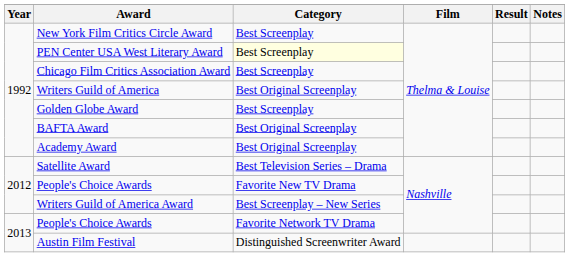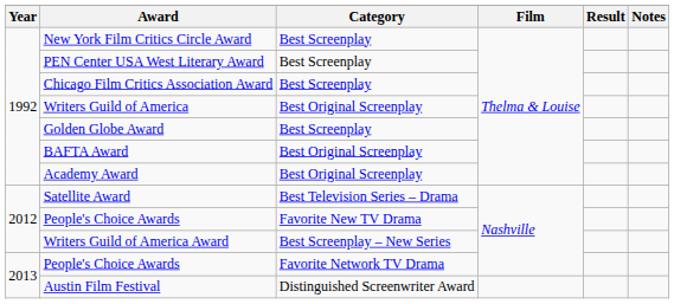 <table class="wikitable">
 <tr>
 </tr>
 <tr>
 <th>Year</th>
 <th>Award</th>
 <th>Category</th>
 <th>Film</th>
 <th>Result</th>
 <th>Notes</th>
 </tr>
 <tr>
 <td rowspan=7>1992</td>
 <td><a href='#'>New York Film Critics Circle Award</a></td>
 <td><a href='#'>Best Screenplay</a></td>
 <td rowspan=7><em><a href='#'>Thelma & Louise</a></em></td>
 <td></td>
 <td></td>
 </tr>
 <tr>
 <td><a href='#'>PEN Center USA West Literary Award</a></td>
-<td style="background: lightyellow;">Best Screenplay</td>
+<td>Best Screenplay</td>
 <td></td>
 <td></td>
 </tr>
 <tr>
 <td><a href='#'>Chicago Film Critics Association Award</a></td>
 <td><a href='#'>Best Screenplay</a></td>
 <td></td>
 <td></td>
 </tr>
 <tr>
 <td><a href='#'>Writers Guild of America</a></td>
 <td><a href='#'>Best Original Screenplay</a></td>
 <td></td>
 <td></td>
 </tr>
 <tr>
 <td><a href='#'>Golden Globe Award</a></td>
 <td><a href='#'>Best Screenplay</a></td>
 <td></td>
 <td></td>
 </tr>
 <tr>
 <td><a href='#'>BAFTA Award</a></td>
 <td><a href='#'>Best Original Screenplay</a></td>
 <td></td>
 <td></td>
 </tr>
 <tr>
 <td><a href='#'>Academy Award</a></td>
 <td><a href='#'>Best Original Screenplay</a></td>
 <td></td>
 <td></td>
 </tr>
 <tr>
 <td rowspan=3>2012</td>
 <td><a href='#'>Satellite Award</a></td>
 <td><a href='#'>Best Television Series – Drama</a></td>
 <td rowspan=4><em><a href='#'>Nashville</a></em></td>
 <td></td>
 <td></td>
 </tr>
 <tr>
 <td><a href='#'>People's Choice Awards</a></td>
 <td><a href='#'>Favorite New TV Drama</a></td>
 <td></td>
 <td></td>
 </tr>
 <tr>
 <td><a href='#'>Writers Guild of America Award</a></td>
 <td><a href='#'>Best Screenplay – New Series</a></td>
 <td></td>
 <td></td>
 </tr>
 <tr>
 <td rowspan=2>2013</td>
 <td><a href='#'>People's Choice Awards</a></td>
 <td><a href='#'>Favorite Network TV Drama</a></td>
 <td></td>
 <td></td>
 </tr>
 <tr>
 <td><a href='#'>Austin Film Festival</a></td>
 <td>Distinguished Screenwriter Award</td>
 <td></td>
 <td></td>
 <td></td>
 </tr>
 </table>
